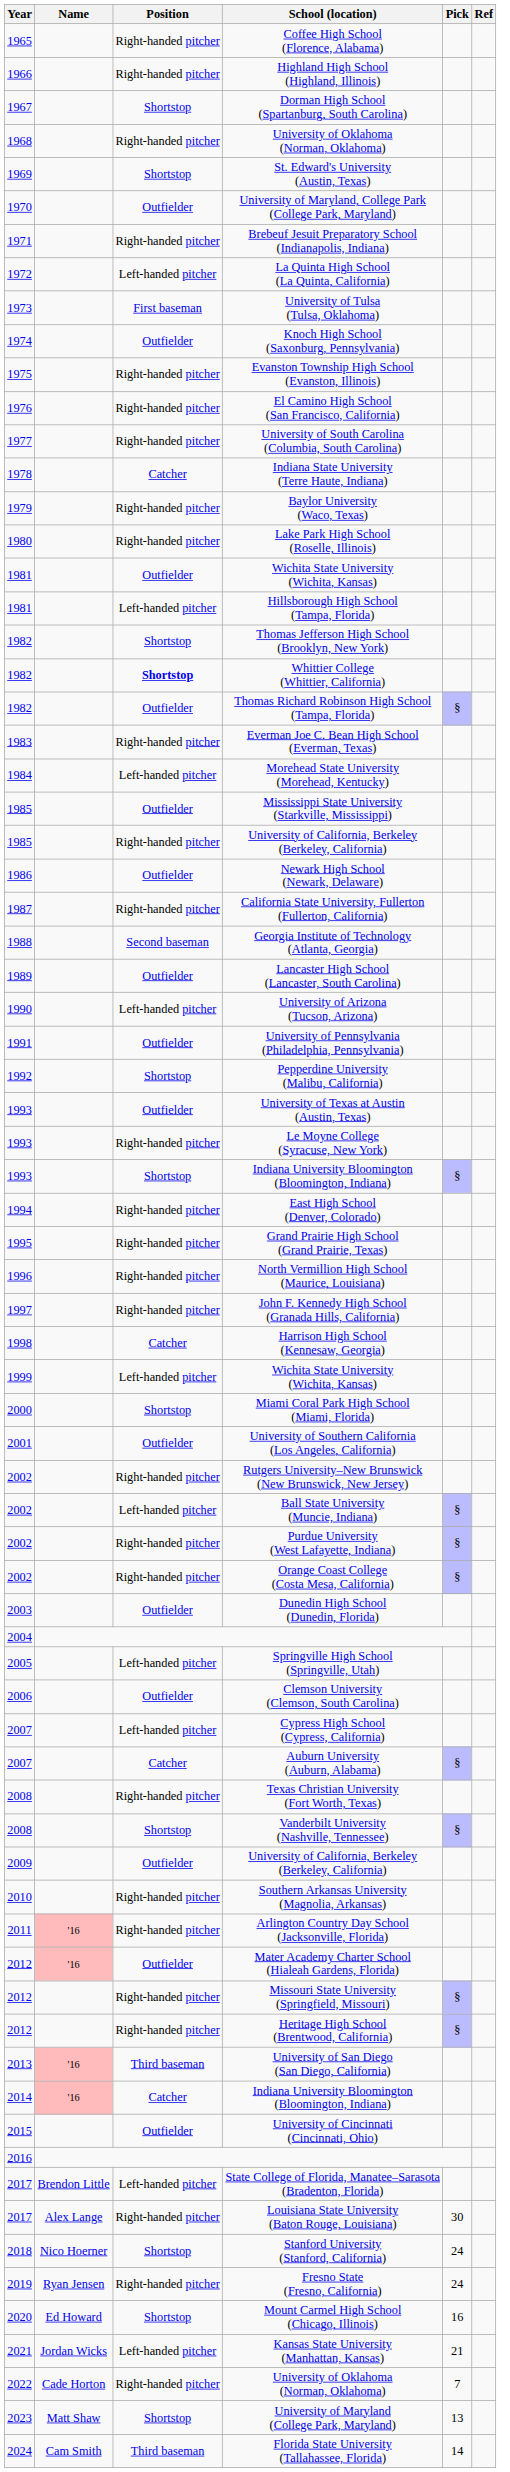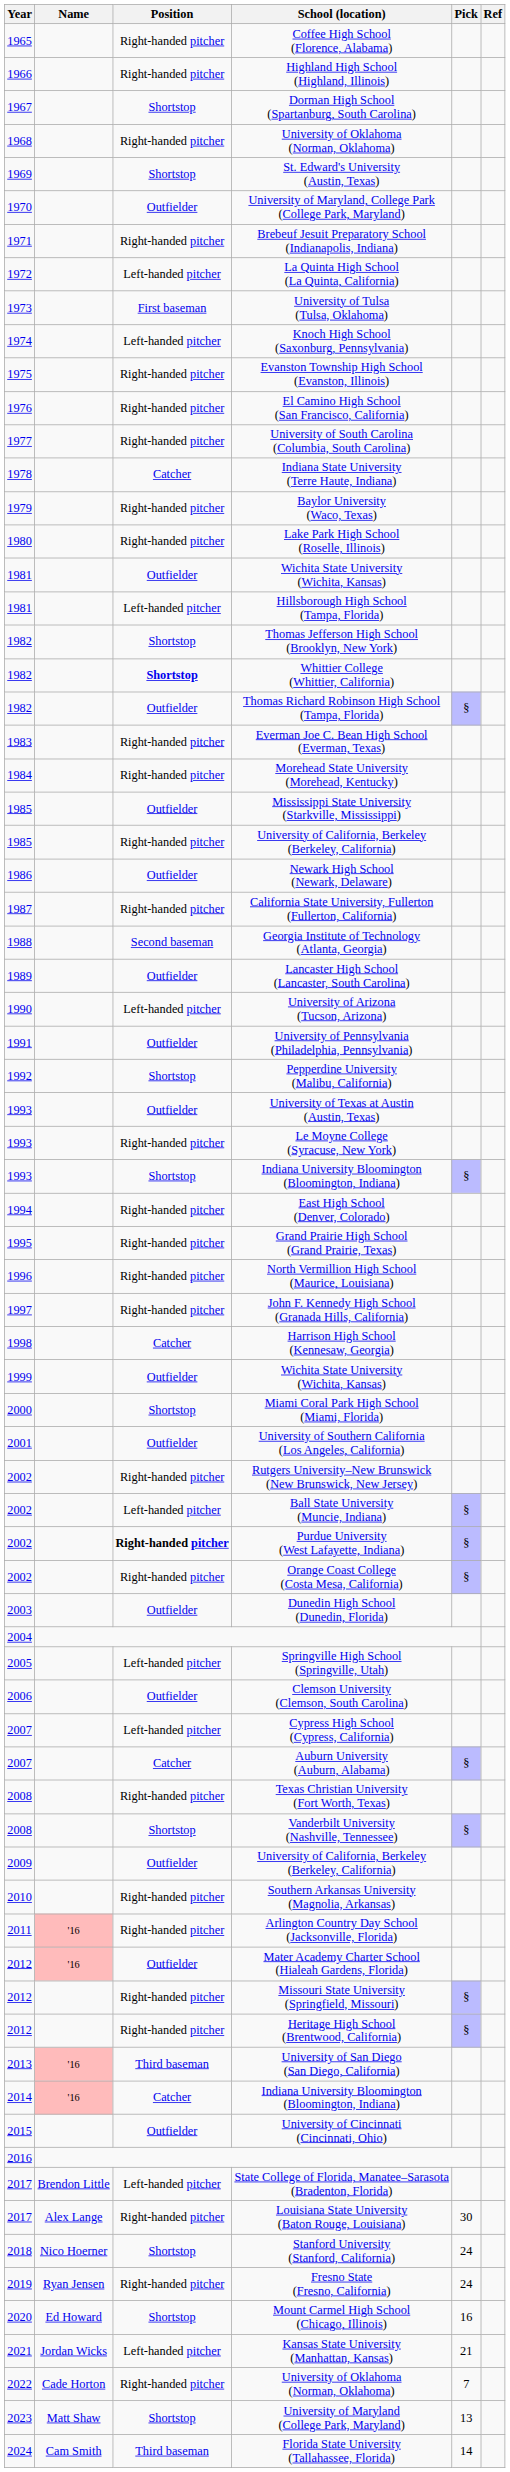 <table class="wikitable sortable" style="text-align:center;" border="1">
 <tr>
 <th scope="col">Year</th>
 <th scope="col">Name</th>
 <th scope="col">Position</th>
 <th scope="col" class="unsortable">School (location)</th>
 <th scope="col">Pick</th>
 <th scope="col" class="unsortable">Ref</th>
 </tr>
 <tr>
 <td><a href='#'>1965</a></td>
 <td></td>
 <td>Right-handed <a href='#'>pitcher</a></td>
 <td><a href='#'>Coffee High School</a><br>(<a href='#'>Florence, Alabama</a>)</td>
 <td></td>
 <td></td>
 </tr>
 <tr>
 <td><a href='#'>1966</a></td>
 <td></td>
 <td>Right-handed <a href='#'>pitcher</a></td>
 <td><a href='#'>Highland High School</a><br>(<a href='#'>Highland, Illinois</a>)</td>
 <td></td>
 <td></td>
 </tr>
 <tr>
 <td><a href='#'>1967</a></td>
 <td></td>
 <td><a href='#'>Shortstop</a></td>
 <td><a href='#'>Dorman High School</a><br>(<a href='#'>Spartanburg, South Carolina</a>)</td>
 <td></td>
 <td></td>
 </tr>
 <tr>
 <td><a href='#'>1968</a></td>
 <td></td>
 <td>Right-handed <a href='#'>pitcher</a></td>
 <td><a href='#'>University of Oklahoma</a><br>(<a href='#'>Norman, Oklahoma</a>)</td>
 <td></td>
 <td></td>
 </tr>
 <tr>
 <td><a href='#'>1969</a></td>
 <td></td>
 <td><a href='#'>Shortstop</a></td>
 <td><a href='#'>St. Edward's University</a><br>(<a href='#'>Austin, Texas</a>)</td>
 <td></td>
 <td></td>
 </tr>
 <tr>
 <td><a href='#'>1970</a></td>
 <td></td>
 <td><a href='#'>Outfielder</a></td>
 <td><a href='#'>University of Maryland, College Park</a><br>(<a href='#'>College Park, Maryland</a>)</td>
 <td></td>
 <td></td>
 </tr>
 <tr>
 <td><a href='#'>1971</a></td>
 <td></td>
 <td>Right-handed <a href='#'>pitcher</a></td>
 <td><a href='#'>Brebeuf Jesuit Preparatory School</a><br>(<a href='#'>Indianapolis, Indiana</a>)</td>
 <td></td>
 <td></td>
 </tr>
 <tr>
 <td><a href='#'>1972</a></td>
 <td></td>
 <td>Left-handed <a href='#'>pitcher</a></td>
 <td><a href='#'>La Quinta High School</a><br>(<a href='#'>La Quinta, California</a>)</td>
 <td></td>
 <td></td>
 </tr>
 <tr>
 <td><a href='#'>1973</a></td>
 <td></td>
 <td><a href='#'>First baseman</a></td>
 <td><a href='#'>University of Tulsa</a><br>(<a href='#'>Tulsa, Oklahoma</a>)</td>
 <td></td>
 <td></td>
 </tr>
 <tr>
 <td><a href='#'>1974</a></td>
 <td></td>
-<td><a href='#'>Outfielder</a></td>
+<td>Left-handed <a href='#'>pitcher</a></td>
 <td><a href='#'>Knoch High School</a><br>(<a href='#'>Saxonburg, Pennsylvania</a>)</td>
 <td></td>
 <td></td>
 </tr>
 <tr>
 <td><a href='#'>1975</a></td>
 <td></td>
 <td>Right-handed <a href='#'>pitcher</a></td>
 <td><a href='#'>Evanston Township High School</a><br>(<a href='#'>Evanston, Illinois</a>)</td>
 <td></td>
 <td></td>
 </tr>
 <tr>
 <td><a href='#'>1976</a></td>
 <td></td>
 <td>Right-handed <a href='#'>pitcher</a></td>
 <td><a href='#'>El Camino High School</a><br>(<a href='#'>San Francisco, California</a>)</td>
 <td></td>
 <td></td>
 </tr>
 <tr>
 <td><a href='#'>1977</a></td>
 <td></td>
 <td>Right-handed <a href='#'>pitcher</a></td>
 <td><a href='#'>University of South Carolina</a><br>(<a href='#'>Columbia, South Carolina</a>)</td>
 <td></td>
 <td></td>
 </tr>
 <tr>
 <td><a href='#'>1978</a></td>
 <td></td>
 <td><a href='#'>Catcher</a></td>
 <td><a href='#'>Indiana State University</a><br>(<a href='#'>Terre Haute, Indiana</a>)</td>
 <td></td>
 <td></td>
 </tr>
 <tr>
 <td><a href='#'>1979</a></td>
 <td></td>
 <td>Right-handed <a href='#'>pitcher</a></td>
 <td><a href='#'>Baylor University</a><br>(<a href='#'>Waco, Texas</a>)</td>
 <td></td>
 <td></td>
 </tr>
 <tr>
 <td><a href='#'>1980</a></td>
 <td></td>
 <td>Right-handed <a href='#'>pitcher</a></td>
 <td><a href='#'>Lake Park High School</a><br>(<a href='#'>Roselle, Illinois</a>)</td>
 <td></td>
 <td></td>
 </tr>
 <tr>
 <td><a href='#'>1981</a></td>
 <td></td>
 <td><a href='#'>Outfielder</a></td>
 <td><a href='#'>Wichita State University</a><br>(<a href='#'>Wichita, Kansas</a>)</td>
 <td></td>
 <td></td>
 </tr>
 <tr>
 <td><a href='#'>1981</a></td>
 <td></td>
 <td>Left-handed <a href='#'>pitcher</a></td>
 <td><a href='#'>Hillsborough High School</a><br>(<a href='#'>Tampa, Florida</a>)</td>
 <td></td>
 <td></td>
 </tr>
 <tr>
 <td><a href='#'>1982</a></td>
 <td></td>
 <td><a href='#'>Shortstop</a></td>
 <td><a href='#'>Thomas Jefferson High School</a><br>(<a href='#'>Brooklyn, New York</a>)</td>
 <td></td>
 <td></td>
 </tr>
 <tr>
 <td><a href='#'>1982</a></td>
 <td></td>
 <td><strong><a href='#'>Shortstop</a></strong></td>
 <td><a href='#'>Whittier College</a><br>(<a href='#'>Whittier, California</a>)</td>
 <td></td>
 <td></td>
 </tr>
 <tr>
 <td><a href='#'>1982</a></td>
 <td></td>
 <td><a href='#'>Outfielder</a></td>
 <td><a href='#'>Thomas Richard Robinson High School</a><br>(<a href='#'>Tampa, Florida</a>)</td>
 <td bgcolor="#bbbbff">§</td>
 <td></td>
 </tr>
 <tr>
 <td><a href='#'>1983</a></td>
 <td></td>
 <td>Right-handed <a href='#'>pitcher</a></td>
 <td><a href='#'>Everman Joe C. Bean High School</a><br>(<a href='#'>Everman, Texas</a>)</td>
 <td></td>
 <td></td>
 </tr>
 <tr>
 <td><a href='#'>1984</a></td>
 <td></td>
-<td>Left-handed <a href='#'>pitcher</a></td>
+<td>Right-handed <a href='#'>pitcher</a></td>
 <td><a href='#'>Morehead State University</a><br>(<a href='#'>Morehead, Kentucky</a>)</td>
 <td></td>
 <td></td>
 </tr>
 <tr>
 <td><a href='#'>1985</a></td>
 <td></td>
 <td><a href='#'>Outfielder</a></td>
 <td><a href='#'>Mississippi State University</a><br>(<a href='#'>Starkville, Mississippi</a>)</td>
 <td></td>
 <td></td>
 </tr>
 <tr>
 <td><a href='#'>1985</a></td>
 <td></td>
 <td>Right-handed <a href='#'>pitcher</a></td>
 <td><a href='#'>University of California, Berkeley</a><br>(<a href='#'>Berkeley, California</a>)</td>
 <td></td>
 <td></td>
 </tr>
 <tr>
 <td><a href='#'>1986</a></td>
 <td></td>
 <td><a href='#'>Outfielder</a></td>
 <td><a href='#'>Newark High School</a><br>(<a href='#'>Newark, Delaware</a>)</td>
 <td></td>
 <td></td>
 </tr>
 <tr>
 <td><a href='#'>1987</a></td>
 <td></td>
 <td>Right-handed <a href='#'>pitcher</a></td>
 <td><a href='#'>California State University, Fullerton</a><br>(<a href='#'>Fullerton, California</a>)</td>
 <td></td>
 <td></td>
 </tr>
 <tr>
 <td><a href='#'>1988</a></td>
 <td></td>
 <td><a href='#'>Second baseman</a></td>
 <td><a href='#'>Georgia Institute of Technology</a><br>(<a href='#'>Atlanta, Georgia</a>)</td>
 <td></td>
 <td></td>
 </tr>
 <tr>
 <td><a href='#'>1989</a></td>
 <td></td>
 <td><a href='#'>Outfielder</a></td>
 <td><a href='#'>Lancaster High School</a><br>(<a href='#'>Lancaster, South Carolina</a>)</td>
 <td></td>
 <td></td>
 </tr>
 <tr>
 <td><a href='#'>1990</a></td>
 <td></td>
 <td>Left-handed <a href='#'>pitcher</a></td>
 <td><a href='#'>University of Arizona</a><br>(<a href='#'>Tucson, Arizona</a>)</td>
 <td></td>
 <td></td>
 </tr>
 <tr>
 <td><a href='#'>1991</a></td>
 <td></td>
 <td><a href='#'>Outfielder</a></td>
 <td><a href='#'>University of Pennsylvania</a><br>(<a href='#'>Philadelphia, Pennsylvania</a>)</td>
 <td></td>
 <td></td>
 </tr>
 <tr>
 <td><a href='#'>1992</a></td>
 <td></td>
 <td><a href='#'>Shortstop</a></td>
 <td><a href='#'>Pepperdine University</a><br>(<a href='#'>Malibu, California</a>)</td>
 <td></td>
 <td></td>
 </tr>
 <tr>
 <td><a href='#'>1993</a></td>
 <td></td>
 <td><a href='#'>Outfielder</a></td>
 <td><a href='#'>University of Texas at Austin</a><br>(<a href='#'>Austin, Texas</a>)</td>
 <td></td>
 <td></td>
 </tr>
 <tr>
 <td><a href='#'>1993</a></td>
 <td></td>
 <td>Right-handed <a href='#'>pitcher</a></td>
 <td><a href='#'>Le Moyne College</a><br>(<a href='#'>Syracuse, New York</a>)</td>
 <td></td>
 <td></td>
 </tr>
 <tr>
 <td><a href='#'>1993</a></td>
 <td></td>
 <td><a href='#'>Shortstop</a></td>
 <td><a href='#'>Indiana University Bloomington</a><br>(<a href='#'>Bloomington, Indiana</a>)</td>
 <td bgcolor="#bbbbff">§</td>
 <td></td>
 </tr>
 <tr>
 <td><a href='#'>1994</a></td>
 <td></td>
 <td>Right-handed <a href='#'>pitcher</a></td>
 <td><a href='#'>East High School</a><br>(<a href='#'>Denver, Colorado</a>)</td>
 <td></td>
 <td></td>
 </tr>
 <tr>
 <td><a href='#'>1995</a></td>
 <td></td>
 <td>Right-handed <a href='#'>pitcher</a></td>
 <td><a href='#'>Grand Prairie High School</a><br>(<a href='#'>Grand Prairie, Texas</a>)</td>
 <td></td>
 <td></td>
 </tr>
 <tr>
 <td><a href='#'>1996</a></td>
 <td></td>
 <td>Right-handed <a href='#'>pitcher</a></td>
 <td><a href='#'>North Vermillion High School</a><br>(<a href='#'>Maurice, Louisiana</a>)</td>
 <td></td>
 <td></td>
 </tr>
 <tr>
 <td><a href='#'>1997</a></td>
 <td></td>
 <td>Right-handed <a href='#'>pitcher</a></td>
 <td><a href='#'>John F. Kennedy High School</a><br>(<a href='#'>Granada Hills, California</a>)</td>
 <td></td>
 <td></td>
 </tr>
 <tr>
 <td><a href='#'>1998</a></td>
 <td></td>
 <td><a href='#'>Catcher</a></td>
 <td><a href='#'>Harrison High School</a><br>(<a href='#'>Kennesaw, Georgia</a>)</td>
 <td></td>
 <td></td>
 </tr>
 <tr>
 <td><a href='#'>1999</a></td>
 <td></td>
-<td>Left-handed <a href='#'>pitcher</a></td>
+<td><a href='#'>Outfielder</a></td>
 <td><a href='#'>Wichita State University</a><br>(<a href='#'>Wichita, Kansas</a>)</td>
 <td></td>
 <td></td>
 </tr>
 <tr>
 <td><a href='#'>2000</a></td>
 <td></td>
 <td><a href='#'>Shortstop</a></td>
 <td><a href='#'>Miami Coral Park High School</a><br>(<a href='#'>Miami, Florida</a>)</td>
 <td></td>
 <td></td>
 </tr>
 <tr>
 <td><a href='#'>2001</a></td>
 <td></td>
 <td><a href='#'>Outfielder</a></td>
 <td><a href='#'>University of Southern California</a><br>(<a href='#'>Los Angeles, California</a>)</td>
 <td></td>
 <td></td>
 </tr>
 <tr>
 <td><a href='#'>2002</a></td>
 <td></td>
 <td>Right-handed <a href='#'>pitcher</a></td>
 <td><a href='#'>Rutgers University–New Brunswick</a><br>(<a href='#'>New Brunswick, New Jersey</a>)</td>
 <td></td>
 <td></td>
 </tr>
 <tr>
 <td><a href='#'>2002</a></td>
 <td></td>
 <td>Left-handed <a href='#'>pitcher</a></td>
 <td><a href='#'>Ball State University</a><br>(<a href='#'>Muncie, Indiana</a>)</td>
 <td bgcolor="#bbbbff">§</td>
 <td></td>
 </tr>
 <tr>
 <td><a href='#'>2002</a></td>
 <td></td>
-<td>Right-handed <a href='#'>pitcher</a></td>
+<td><strong>Right-handed <a href='#'>pitcher</a></strong></td>
 <td><a href='#'>Purdue University</a><br>(<a href='#'>West Lafayette, Indiana</a>)</td>
 <td bgcolor="#bbbbff">§</td>
 <td></td>
 </tr>
 <tr>
 <td><a href='#'>2002</a></td>
 <td></td>
 <td>Right-handed <a href='#'>pitcher</a></td>
 <td><a href='#'>Orange Coast College</a><br>(<a href='#'>Costa Mesa, California</a>)</td>
 <td bgcolor="#bbbbff">§</td>
 <td></td>
 </tr>
 <tr>
 <td><a href='#'>2003</a></td>
 <td></td>
 <td><a href='#'>Outfielder</a></td>
 <td><a href='#'>Dunedin High School</a><br>(<a href='#'>Dunedin, Florida</a>)</td>
 <td></td>
 <td></td>
 </tr>
 <tr>
 <td><a href='#'>2004</a></td>
 <td colspan="4"></td>
 <td></td>
 </tr>
 <tr>
 <td><a href='#'>2005</a></td>
 <td></td>
 <td>Left-handed <a href='#'>pitcher</a></td>
 <td><a href='#'>Springville High School</a><br>(<a href='#'>Springville, Utah</a>)</td>
 <td></td>
 <td></td>
 </tr>
 <tr>
 <td><a href='#'>2006</a></td>
 <td></td>
 <td><a href='#'>Outfielder</a></td>
 <td><a href='#'>Clemson University</a><br>(<a href='#'>Clemson, South Carolina</a>)</td>
 <td></td>
 <td></td>
 </tr>
 <tr>
 <td><a href='#'>2007</a></td>
 <td></td>
 <td>Left-handed <a href='#'>pitcher</a></td>
 <td><a href='#'>Cypress High School</a><br>(<a href='#'>Cypress, California</a>)</td>
 <td></td>
 <td></td>
 </tr>
 <tr>
 <td><a href='#'>2007</a></td>
 <td></td>
 <td><a href='#'>Catcher</a></td>
 <td><a href='#'>Auburn University</a><br>(<a href='#'>Auburn, Alabama</a>)</td>
 <td bgcolor="#bbbbff">§</td>
 <td></td>
 </tr>
 <tr>
 <td><a href='#'>2008</a></td>
 <td></td>
 <td>Right-handed <a href='#'>pitcher</a></td>
 <td><a href='#'>Texas Christian University</a><br>(<a href='#'>Fort Worth, Texas</a>)</td>
 <td></td>
 <td></td>
 </tr>
 <tr>
 <td><a href='#'>2008</a></td>
 <td></td>
 <td><a href='#'>Shortstop</a></td>
 <td><a href='#'>Vanderbilt University</a><br>(<a href='#'>Nashville, Tennessee</a>)</td>
 <td bgcolor="#bbbbff">§</td>
 <td></td>
 </tr>
 <tr>
 <td><a href='#'>2009</a></td>
 <td></td>
 <td><a href='#'>Outfielder</a></td>
 <td><a href='#'>University of California, Berkeley</a><br>(<a href='#'>Berkeley, California</a>)</td>
 <td></td>
 <td></td>
 </tr>
 <tr>
 <td><a href='#'>2010</a></td>
 <td></td>
 <td>Right-handed <a href='#'>pitcher</a></td>
 <td><a href='#'>Southern Arkansas University</a><br>(<a href='#'>Magnolia, Arkansas</a>)</td>
 <td></td>
 <td></td>
 </tr>
 <tr>
 <td><a href='#'>2011</a></td>
 <td scope="row" style="background-color:#ffbbbb"> <small>'16</small></td>
 <td>Right-handed <a href='#'>pitcher</a></td>
 <td><a href='#'>Arlington Country Day School</a><br>(<a href='#'>Jacksonville, Florida</a>)</td>
 <td></td>
 <td></td>
 </tr>
 <tr>
 <td><a href='#'>2012</a></td>
 <td scope="row" style="background-color:#ffbbbb"> <small>'16</small></td>
 <td><a href='#'>Outfielder</a></td>
 <td><a href='#'>Mater Academy Charter School</a><br>(<a href='#'>Hialeah Gardens, Florida</a>)</td>
 <td></td>
 <td></td>
 </tr>
 <tr>
 <td><a href='#'>2012</a></td>
 <td></td>
 <td>Right-handed <a href='#'>pitcher</a></td>
 <td><a href='#'>Missouri State University</a><br>(<a href='#'>Springfield, Missouri</a>)</td>
 <td bgcolor="#bbbbff">§</td>
 <td></td>
 </tr>
 <tr>
 <td><a href='#'>2012</a></td>
 <td></td>
 <td>Right-handed <a href='#'>pitcher</a></td>
 <td><a href='#'>Heritage High School</a><br>(<a href='#'>Brentwood, California</a>)</td>
 <td bgcolor="#bbbbff">§</td>
 <td></td>
 </tr>
 <tr>
 <td><a href='#'>2013</a></td>
 <td scope="row" style="background-color:#ffbbbb"> <small>'16</small></td>
 <td><a href='#'>Third baseman</a></td>
 <td><a href='#'>University of San Diego</a><br>(<a href='#'>San Diego, California</a>)</td>
 <td></td>
 <td></td>
 </tr>
 <tr>
 <td><a href='#'>2014</a></td>
 <td scope="row" style="background-color:#ffbbbb"> <small>'16</small></td>
 <td><a href='#'>Catcher</a></td>
 <td><a href='#'>Indiana University Bloomington</a><br>(<a href='#'>Bloomington, Indiana</a>)</td>
 <td></td>
 <td></td>
 </tr>
 <tr>
 <td><a href='#'>2015</a></td>
 <td></td>
 <td><a href='#'>Outfielder</a></td>
 <td><a href='#'>University of Cincinnati</a><br>(<a href='#'>Cincinnati, Ohio</a>)</td>
 <td></td>
 <td></td>
 </tr>
 <tr>
 <td><a href='#'>2016</a></td>
 <td colspan="4"> </td>
 <td></td>
 </tr>
 <tr>
 <td><a href='#'>2017</a></td>
 <td><a href='#'>Brendon Little</a></td>
 <td>Left-handed <a href='#'>pitcher</a></td>
 <td><a href='#'>State College of Florida, Manatee–Sarasota</a><br>(<a href='#'>Bradenton, Florida</a>)</td>
 <td></td>
 <td></td>
 </tr>
 <tr>
 <td><a href='#'>2017</a></td>
 <td><a href='#'>Alex Lange</a></td>
 <td>Right-handed <a href='#'>pitcher</a></td>
 <td><a href='#'>Louisiana State University</a><br>(<a href='#'>Baton Rouge, Louisiana</a>)</td>
 <td>30</td>
 <td></td>
 </tr>
 <tr>
 <td><a href='#'>2018</a></td>
 <td><a href='#'>Nico Hoerner</a></td>
 <td><a href='#'>Shortstop</a></td>
 <td><a href='#'>Stanford University</a><br>(<a href='#'>Stanford, California</a>)</td>
 <td>24</td>
 <td></td>
 </tr>
 <tr>
 <td><a href='#'>2019</a></td>
 <td><a href='#'>Ryan Jensen</a></td>
 <td>Right-handed <a href='#'>pitcher</a></td>
 <td><a href='#'>Fresno State</a><br>(<a href='#'>Fresno, California</a>)</td>
 <td>24</td>
 <td></td>
 </tr>
 <tr>
 <td><a href='#'>2020</a></td>
 <td><a href='#'>Ed Howard</a></td>
 <td><a href='#'>Shortstop</a></td>
 <td><a href='#'>Mount Carmel High School</a><br>(<a href='#'>Chicago, Illinois</a>)</td>
 <td>16</td>
 <td></td>
 </tr>
 <tr>
 <td><a href='#'>2021</a></td>
 <td><a href='#'>Jordan Wicks</a></td>
 <td>Left-handed <a href='#'>pitcher</a></td>
 <td><a href='#'>Kansas State University</a><br>(<a href='#'>Manhattan, Kansas</a>)</td>
 <td>21</td>
 <td></td>
 </tr>
 <tr>
 <td><a href='#'>2022</a></td>
 <td><a href='#'>Cade Horton</a></td>
 <td>Right-handed <a href='#'>pitcher</a></td>
 <td><a href='#'>University of Oklahoma</a><br>(<a href='#'>Norman, Oklahoma</a>)</td>
 <td>7</td>
 <td></td>
 </tr>
 <tr>
 <td><a href='#'>2023</a></td>
 <td><a href='#'>Matt Shaw</a></td>
 <td><a href='#'>Shortstop</a></td>
 <td><a href='#'>University of Maryland</a><br>(<a href='#'>College Park, Maryland</a>)</td>
 <td>13</td>
 <td></td>
 </tr>
 <tr>
 <td><a href='#'>2024</a></td>
 <td><a href='#'>Cam Smith</a></td>
 <td><a href='#'>Third baseman</a></td>
 <td><a href='#'>Florida State University</a><br>(<a href='#'>Tallahassee, Florida</a>)</td>
 <td>14</td>
 <td></td>
 </tr>
 </table>
